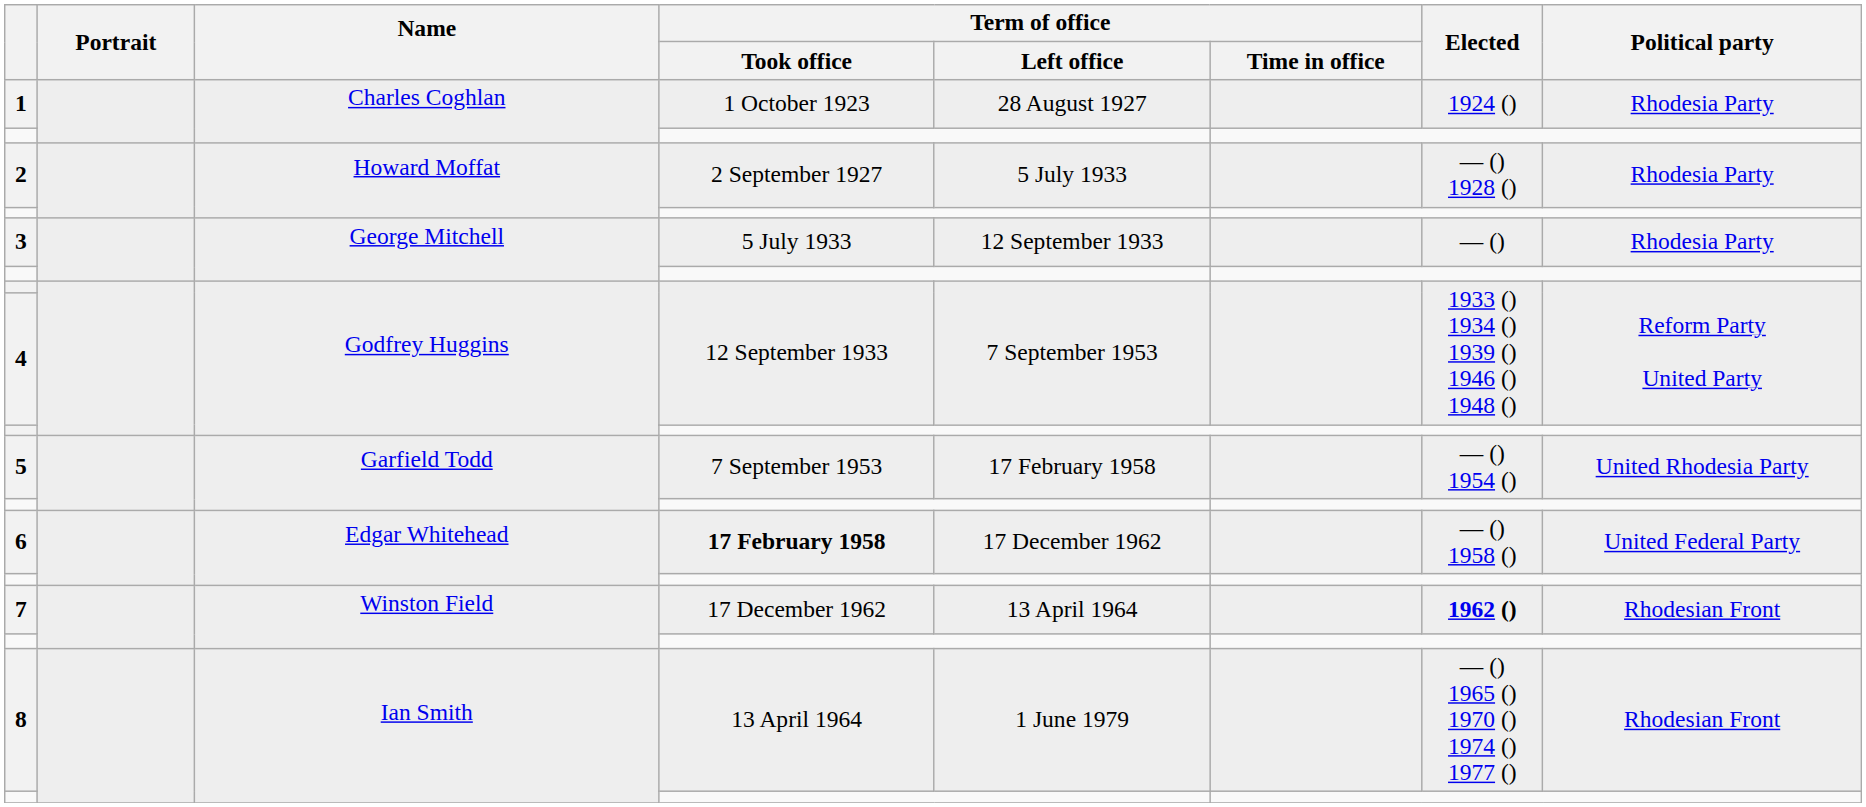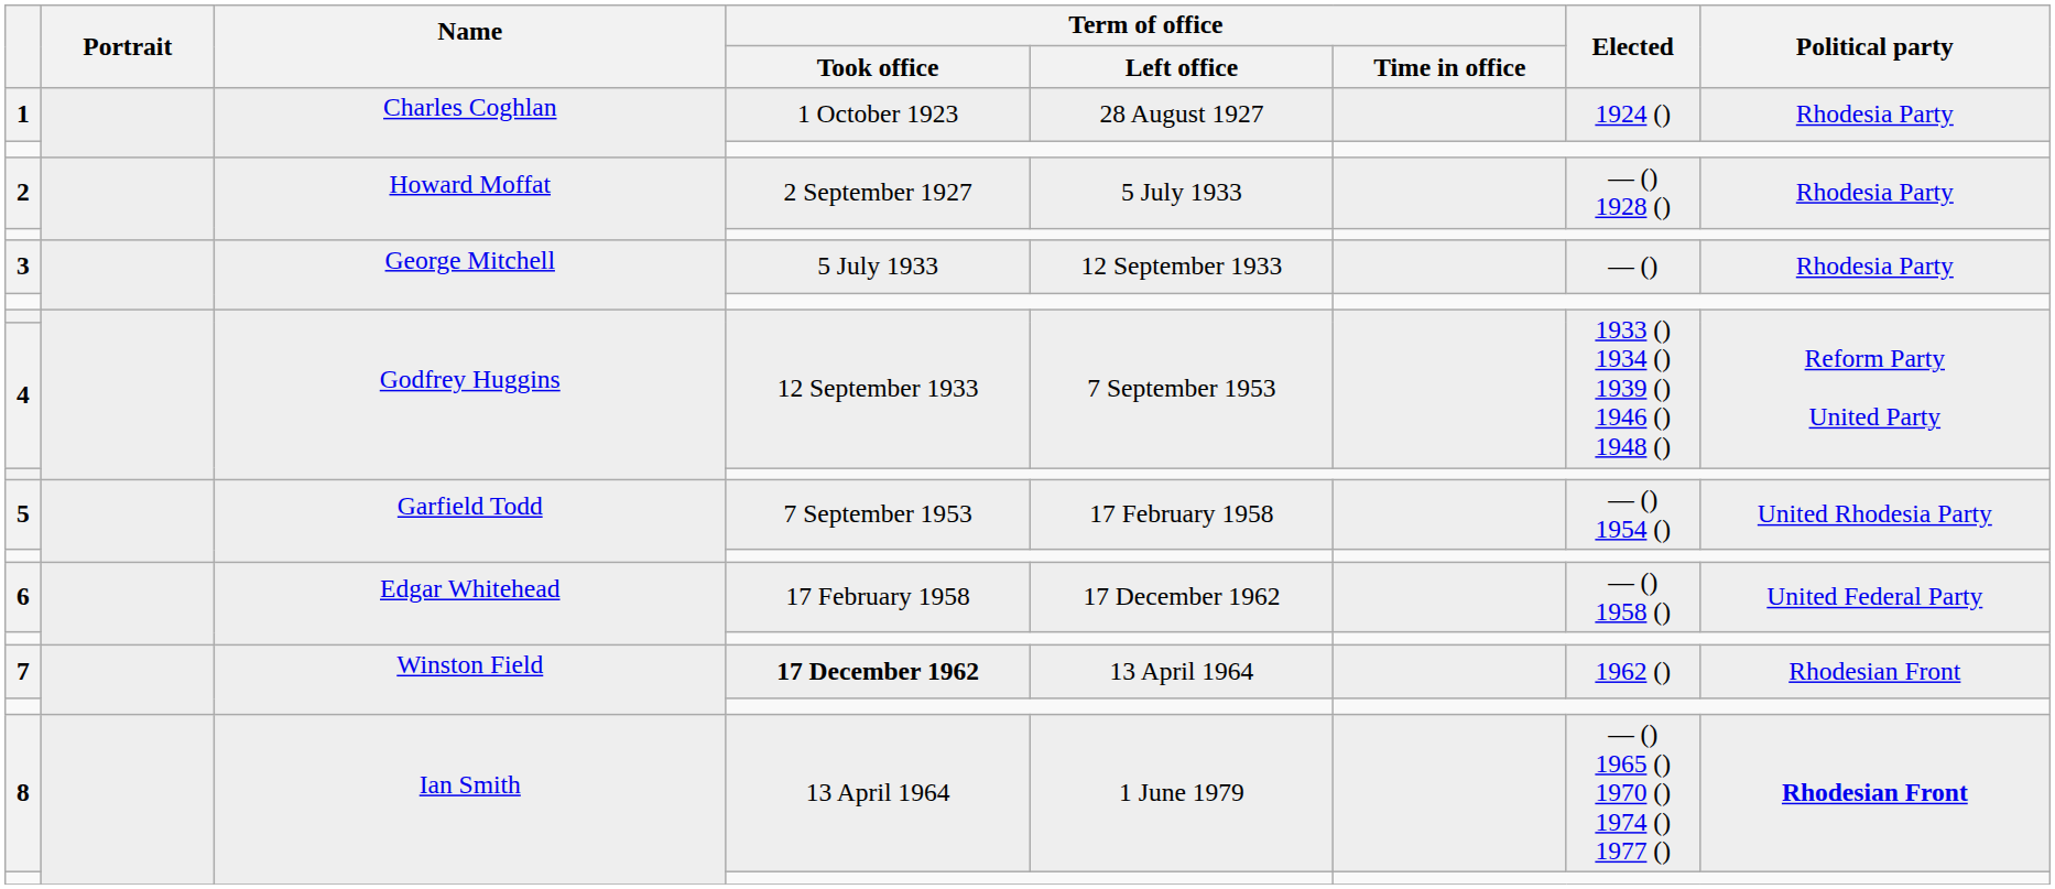 <table class="wikitable" style="width:100%; text-align:center;">
 <tr>
 <th rowspan="2"></th>
 <th rowspan="2" width=100px>Portrait</th>
 <th rowspan="2" width=25%>Name<br><br></th>
 <th colspan="3">Term of office</th>
 <th rowspan="2">Elected<br></th>
 <th rowspan="2">Political party</th>
 </tr>
 <tr>
 <th>Took office</th>
 <th>Left office</th>
 <th>Time in office</th>
 </tr>
 <tr style="background:#EEEEEE">
 <th style="background:">1</th>
 <td rowspan="2"></td>
 <td rowspan="2"><a href='#'>Charles Coghlan</a><br><br></td>
 <td>1 October 1923</td>
 <td>28 August 1927</td>
 <td></td>
 <td><a href='#'>1924</a> ()</td>
 <td><a href='#'>Rhodesia Party</a></td>
 </tr>
 <tr>
 <td colspan="5"></td>
 </tr>
 <tr style="background:#EEEEEE">
 <th style="background:">2</th>
 <td rowspan="2"></td>
 <td rowspan="2"><a href='#'>Howard Moffat</a><br><br></td>
 <td>2 September 1927</td>
 <td>5 July 1933</td>
 <td></td>
 <td>— ()<br><a href='#'>1928</a> ()</td>
 <td><a href='#'>Rhodesia Party</a></td>
 </tr>
 <tr>
 <td colspan="5"></td>
 </tr>
 <tr style="background:#EEEEEE">
 <th style="background:">3</th>
 <td rowspan="2"></td>
 <td rowspan="2"><a href='#'>George Mitchell</a><br><br></td>
 <td>5 July 1933</td>
 <td>12 September 1933</td>
 <td></td>
 <td>— ()</td>
 <td><a href='#'>Rhodesia Party</a></td>
 </tr>
 <tr>
 <td colspan="5"></td>
 </tr>
 <tr style="background:#EEEEEE">
 <th style="background:"></th>
 <td rowspan="4"></td>
 <td rowspan="4"><a href='#'>Godfrey Huggins</a><br><br></td>
 <td rowspan="2">12 September 1933</td>
 <td rowspan="2">7 September 1953</td>
 <td rowspan="2"></td>
 <td rowspan="2"><a href='#'>1933</a> ()<br><a href='#'>1934</a> ()<br><a href='#'>1939</a> ()<br><a href='#'>1946</a> ()<br><a href='#'>1948</a> ()</td>
 <td rowspan="2"><a href='#'>Reform Party</a><br><br><a href='#'>United Party</a> <br></td>
 </tr>
 <tr>
 <th rowspan="2">4</th>
 </tr>
 <tr>
 <td rowspan="2" colspan="5"></td>
 </tr>
 <tr>
 <th style="background:"></th>
 </tr>
 <tr style="background:#EEEEEE">
 <th style="background:">5</th>
 <td rowspan="2"></td>
 <td rowspan="2"><a href='#'>Garfield Todd</a><br><br></td>
 <td>7 September 1953</td>
 <td>17 February 1958</td>
 <td></td>
 <td>— ()<br><a href='#'>1954</a> ()</td>
 <td><a href='#'>United Rhodesia Party</a></td>
 </tr>
 <tr>
 <td colspan="5"></td>
 </tr>
 <tr style="background:#EEEEEE">
 <th style="background:">6</th>
 <td rowspan="2"></td>
 <td rowspan="2"><a href='#'>Edgar Whitehead</a><br><br></td>
-<td><strong>17 February 1958</strong></td>
+<td>17 February 1958</td>
 <td>17 December 1962</td>
 <td></td>
 <td>— ()<br><a href='#'>1958</a> ()</td>
 <td><a href='#'>United Federal Party</a></td>
 </tr>
 <tr>
 <td colspan="5"></td>
 </tr>
 <tr style="background:#EEEEEE">
 <th style="background:">7</th>
 <td rowspan="2"></td>
 <td rowspan="2"><a href='#'>Winston Field</a><br><br></td>
-<td>17 December 1962</td>
+<td><strong>17 December 1962</strong></td>
 <td>13 April 1964</td>
 <td></td>
-<td><strong><a href='#'>1962</a> ()</strong></td>
+<td><a href='#'>1962</a> ()</td>
 <td><a href='#'>Rhodesian Front</a></td>
 </tr>
 <tr>
 <td colspan="5"></td>
 </tr>
 <tr style="background:#EEEEEE">
 <th style="background:">8</th>
 <td rowspan="2"></td>
 <td rowspan="2"><a href='#'>Ian Smith</a><br><br></td>
 <td>13 April 1964</td>
 <td>1 June 1979</td>
 <td></td>
 <td>— ()<br><a href='#'>1965</a> ()<br><a href='#'>1970</a> ()<br><a href='#'>1974</a> ()<br><a href='#'>1977</a> ()</td>
-<td><a href='#'>Rhodesian Front</a></td>
+<td><strong><a href='#'>Rhodesian Front</a></strong></td>
 </tr>
 <tr>
 <td colspan="5"></td>
 </tr>
 </table>
